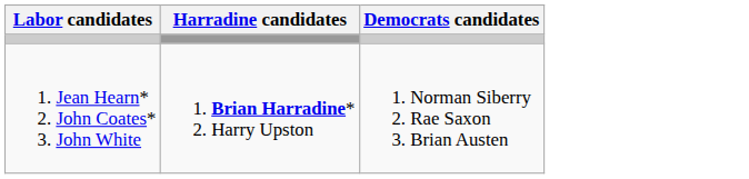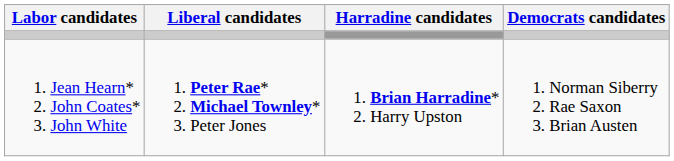 <table class="wikitable">
 <tr>
 <th><a href='#'>Labor</a> candidates</th>
+<th><a href='#'>Liberal</a> candidates</th>
 <th><a href='#'>Harradine</a> candidates</th>
 <th><a href='#'>Democrats</a> candidates</th>
 </tr>
 <tr bgcolor="#cccccc">
+<td></td>
 <td></td>
 <td bgcolor="#999999"></td>
 <td></td>
 </tr>
 <tr>
 <td><br><ol><li><a href='#'>Jean Hearn</a>*</li><li><a href='#'>John Coates</a>*</li><li><a href='#'>John White</a></li></ol></td>
+<td><br><ol><li><strong><a href='#'>Peter Rae</a></strong>*</li><li><strong><a href='#'>Michael Townley</a></strong>*</li><li>Peter Jones</li></ol></td>
 <td><br><ol><li><strong><a href='#'>Brian Harradine</a></strong>*</li><li>Harry Upston</li></ol></td>
 <td valign=top><br><ol><li>Norman Siberry</li><li>Rae Saxon</li><li>Brian Austen</li></ol></td>
 </tr>
 </table>
